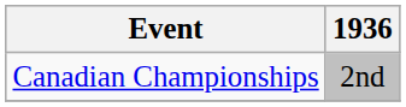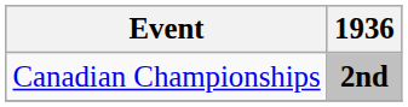 <table class="wikitable">
 <tr>
 <th>Event</th>
 <th>1936</th>
 </tr>
 <tr>
 <td><a href='#'>Canadian Championships</a></td>
-<td align="center" bgcolor="silver">2nd</td>
+<td align="center" bgcolor="silver"><strong>2nd</strong></td>
 </tr>
 <tr>
 </tr>
 </table>
